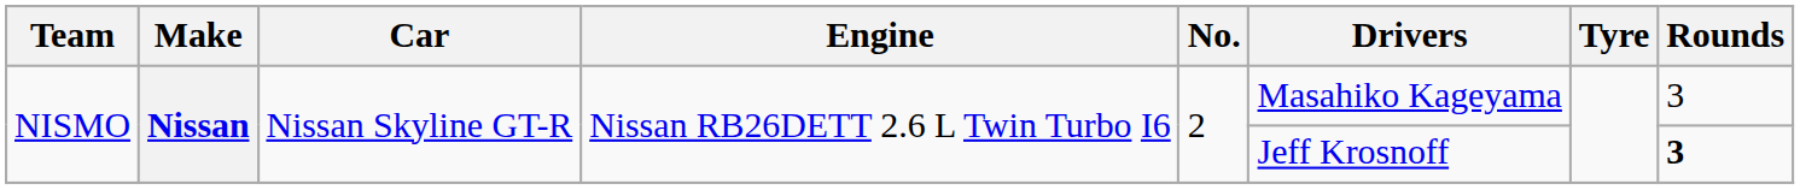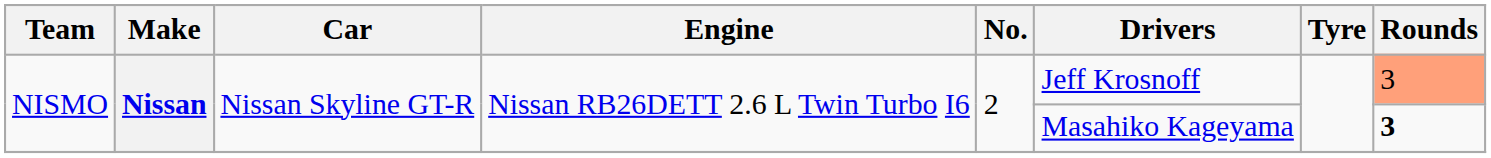 <table class="wikitable" style="font-size: 90%;">
 <tr>
 <th>Team</th>
 <th>Make</th>
 <th>Car</th>
 <th>Engine</th>
 <th>No.</th>
 <th>Drivers</th>
 <th>Tyre</th>
 <th>Rounds</th>
 </tr>
 <tr>
 <td rowspan=2><a href='#'>NISMO</a></td>
 <th rowspan=2><a href='#'>Nissan</a></th>
 <td rowspan=2><a href='#'>Nissan Skyline GT-R</a></td>
 <td rowspan=2><a href='#'>Nissan RB26DETT</a> 2.6 L <a href='#'>Twin Turbo</a> <a href='#'>I6</a></td>
 <td rowspan=2>2</td>
-<td> <a href='#'>Masahiko Kageyama</a></td>
+<td> <a href='#'>Jeff Krosnoff</a></td>
 <td rowspan=2></td>
-<td>3</td>
+<td style="background: lightsalmon;">3</td>
 </tr>
 <tr>
-<td> <a href='#'>Jeff Krosnoff</a></td>
+<td> <a href='#'>Masahiko Kageyama</a></td>
 <td><strong>3</strong></td>
 </tr>
 <tr>
 </tr>
 </table>
